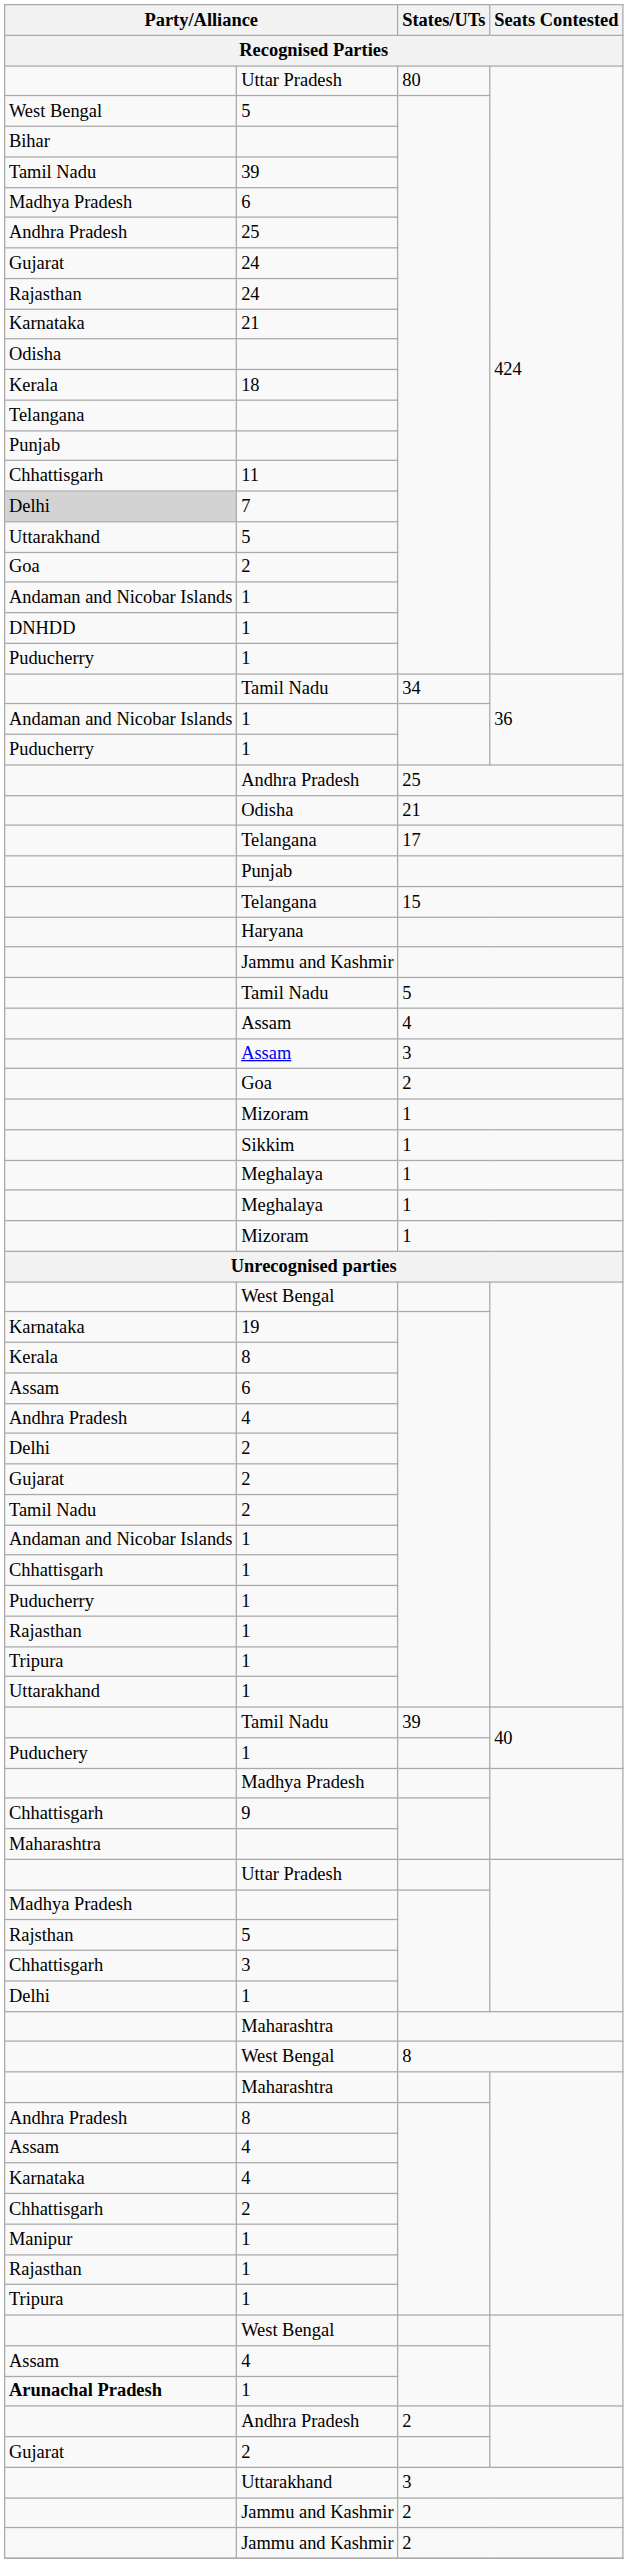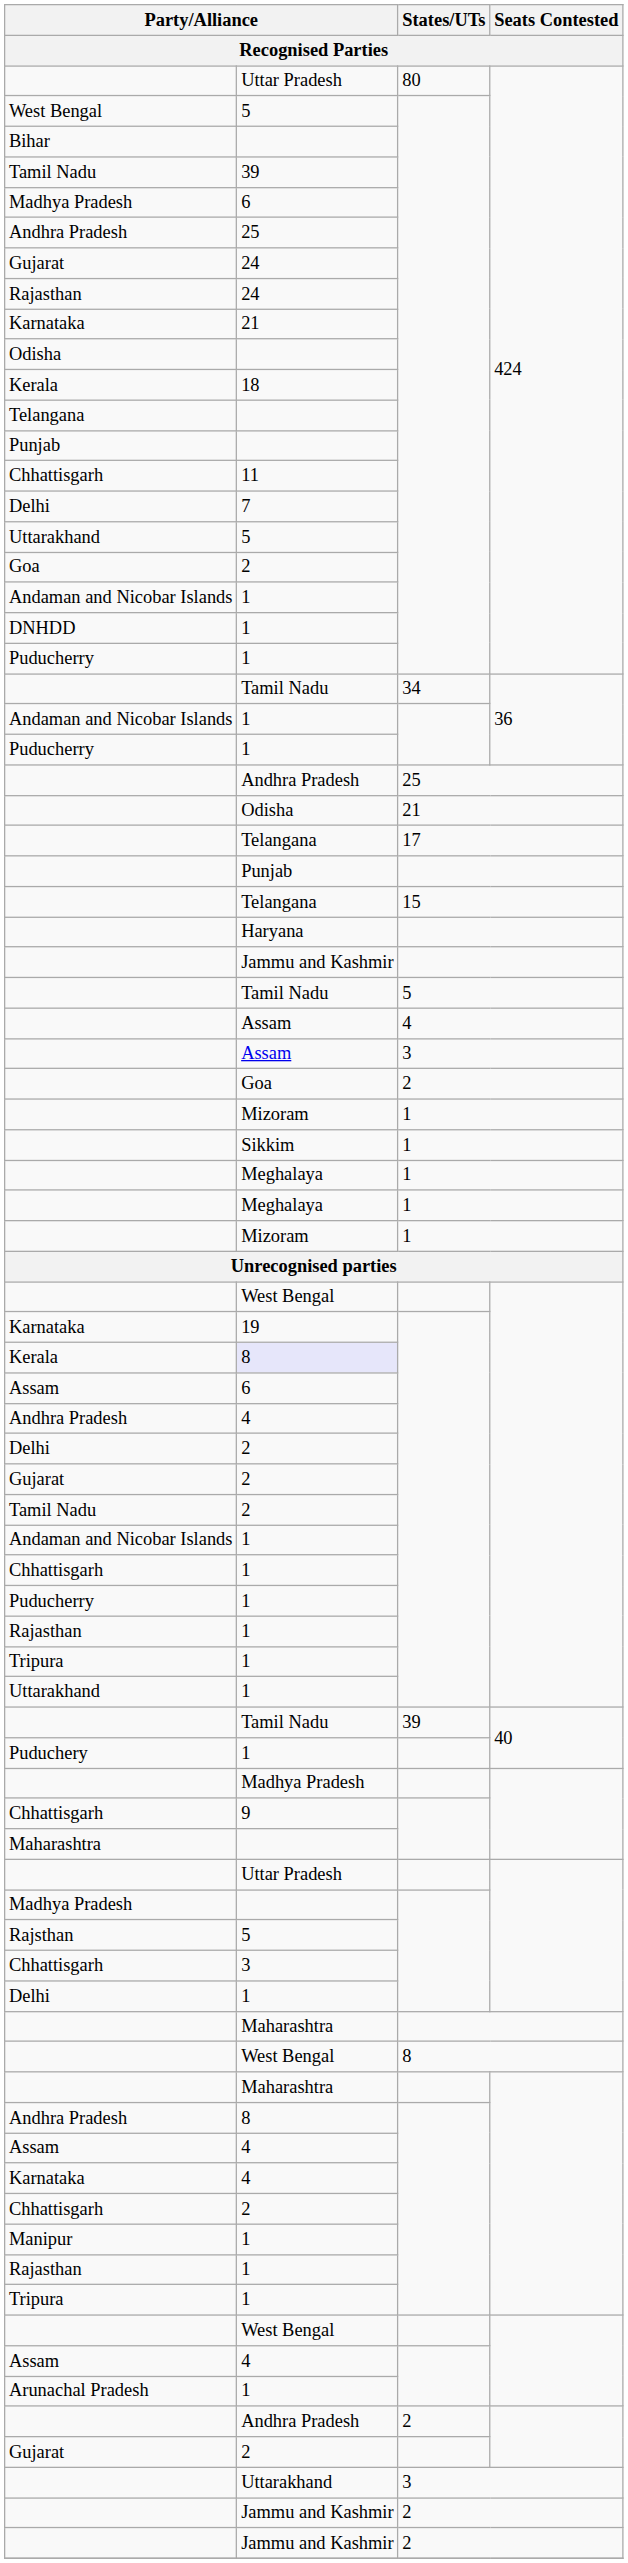 <table class="wikitable sortable sticky-header defaultcenter" style="font-size: 90%">
 <tr>
 <th colspan="2">Party/Alliance</th>
 <th>States/UTs</th>
 <th colspan="2">Seats Contested</th>
 </tr>
 <tr>
 <th colspan=5>Recognised Parties</th>
 </tr>
 <tr>
 <td></td>
 <td>Uttar Pradesh</td>
 <td>80</td>
 <td rowspan="20">424</td>
 </tr>
 <tr>
 <td>West Bengal</td>
 <td>5</td>
 </tr>
 <tr>
 <td>Bihar</td>
 <td></td>
 </tr>
 <tr>
 <td>Tamil Nadu</td>
 <td>39</td>
 </tr>
 <tr>
 <td>Madhya Pradesh</td>
 <td>6</td>
 </tr>
 <tr>
 <td>Andhra Pradesh</td>
 <td>25</td>
 </tr>
 <tr>
 <td>Gujarat</td>
 <td>24</td>
 </tr>
 <tr>
 <td>Rajasthan</td>
 <td>24</td>
 </tr>
 <tr>
 <td>Karnataka</td>
 <td>21</td>
 </tr>
 <tr>
 <td>Odisha</td>
 <td></td>
 </tr>
 <tr>
 <td>Kerala</td>
 <td>18</td>
 </tr>
 <tr>
 <td>Telangana</td>
 <td></td>
 </tr>
 <tr>
 <td>Punjab</td>
 <td></td>
 </tr>
 <tr>
 <td>Chhattisgarh</td>
 <td>11</td>
 </tr>
 <tr>
-<td style="background: lightgrey;">Delhi</td>
+<td>Delhi</td>
 <td>7</td>
 </tr>
 <tr>
 <td>Uttarakhand</td>
 <td>5</td>
 </tr>
 <tr>
 <td>Goa</td>
 <td>2</td>
 </tr>
 <tr>
 <td>Andaman and Nicobar Islands</td>
 <td>1</td>
 </tr>
 <tr>
 <td>DNHDD</td>
 <td>1</td>
 </tr>
 <tr>
 <td>Puducherry</td>
 <td>1</td>
 </tr>
 <tr>
 <td></td>
 <td>Tamil Nadu</td>
 <td>34</td>
 <td rowspan=3>36</td>
 </tr>
 <tr>
 <td>Andaman and Nicobar Islands</td>
 <td>1</td>
 </tr>
 <tr>
 <td>Puducherry</td>
 <td>1</td>
 </tr>
 <tr>
 <td></td>
 <td>Andhra Pradesh</td>
 <td colspan="2">25</td>
 </tr>
 <tr>
 <td></td>
 <td>Odisha</td>
 <td colspan="2">21</td>
 </tr>
 <tr>
 <td></td>
 <td>Telangana</td>
 <td colspan="2">17</td>
 </tr>
 <tr>
 <td></td>
 <td>Punjab</td>
 <td colspan="2"></td>
 </tr>
 <tr>
 <td></td>
 <td>Telangana</td>
 <td colspan="2">15</td>
 </tr>
 <tr>
 <td></td>
 <td>Haryana</td>
 <td colspan="2"></td>
 </tr>
 <tr>
 <td></td>
 <td>Jammu and Kashmir</td>
 <td colspan="2"></td>
 </tr>
 <tr>
 <td></td>
 <td>Tamil Nadu</td>
 <td colspan="2">5</td>
 </tr>
 <tr>
 <td></td>
 <td>Assam</td>
 <td colspan="2">4</td>
 </tr>
 <tr>
 <td></td>
 <td><a href='#'>Assam</a></td>
 <td colspan="2">3</td>
 </tr>
 <tr>
 <td></td>
 <td>Goa</td>
 <td colspan="2">2</td>
 </tr>
 <tr>
 <td></td>
 <td>Mizoram</td>
 <td colspan="2">1</td>
 </tr>
 <tr>
 <td></td>
 <td>Sikkim</td>
 <td colspan="2">1</td>
 </tr>
 <tr>
 <td></td>
 <td>Meghalaya</td>
 <td colspan="2">1</td>
 </tr>
 <tr>
 <td></td>
 <td>Meghalaya</td>
 <td colspan="2">1</td>
 </tr>
 <tr>
 <td></td>
 <td>Mizoram</td>
 <td colspan=2>1</td>
 </tr>
 <tr>
 <th colspan=5>Unrecognised parties</th>
 </tr>
 <tr>
 <td></td>
 <td>West Bengal</td>
 <td></td>
 <td rowspan="14"></td>
 </tr>
 <tr>
 <td>Karnataka</td>
 <td>19</td>
 </tr>
 <tr>
 <td>Kerala</td>
-<td>8</td>
+<td style="background: lavender;">8</td>
 </tr>
 <tr>
 <td>Assam</td>
 <td>6</td>
 </tr>
 <tr>
 <td>Andhra Pradesh</td>
 <td>4</td>
 </tr>
 <tr>
 <td>Delhi</td>
 <td>2</td>
 </tr>
 <tr>
 <td>Gujarat</td>
 <td>2</td>
 </tr>
 <tr>
 <td>Tamil Nadu</td>
 <td>2</td>
 </tr>
 <tr>
 <td>Andaman and Nicobar Islands</td>
 <td>1</td>
 </tr>
 <tr>
 <td>Chhattisgarh</td>
 <td>1</td>
 </tr>
 <tr>
 <td>Puducherry</td>
 <td>1</td>
 </tr>
 <tr>
 <td>Rajasthan</td>
 <td>1</td>
 </tr>
 <tr>
 <td>Tripura</td>
 <td>1</td>
 </tr>
 <tr>
 <td>Uttarakhand</td>
 <td>1</td>
 </tr>
 <tr>
 <td></td>
 <td>Tamil Nadu</td>
 <td>39</td>
 <td rowspan="2">40</td>
 </tr>
 <tr>
 <td>Puduchery</td>
 <td>1</td>
 </tr>
 <tr>
 <td></td>
 <td>Madhya Pradesh</td>
 <td></td>
 <td rowspan="3"></td>
 </tr>
 <tr>
 <td>Chhattisgarh</td>
 <td>9</td>
 </tr>
 <tr>
 <td>Maharashtra</td>
 <td></td>
 </tr>
 <tr>
 <td></td>
 <td>Uttar Pradesh</td>
 <td></td>
 <td rowspan="5"></td>
 </tr>
 <tr>
 <td>Madhya Pradesh</td>
 <td></td>
 </tr>
 <tr>
 <td>Rajsthan</td>
 <td>5</td>
 </tr>
 <tr>
 <td>Chhattisgarh</td>
 <td>3</td>
 </tr>
 <tr>
 <td>Delhi</td>
 <td>1</td>
 </tr>
 <tr>
 <td></td>
 <td>Maharashtra</td>
 <td colspan="2"></td>
 </tr>
 <tr>
 <td></td>
 <td>West Bengal</td>
 <td colspan="2">8</td>
 </tr>
 <tr>
 <td></td>
 <td>Maharashtra</td>
 <td></td>
 <td rowspan="8"></td>
 </tr>
 <tr>
 <td>Andhra Pradesh</td>
 <td>8</td>
 </tr>
 <tr>
 <td>Assam</td>
 <td>4</td>
 </tr>
 <tr>
 <td>Karnataka</td>
 <td>4</td>
 </tr>
 <tr>
 <td>Chhattisgarh</td>
 <td>2</td>
 </tr>
 <tr>
 <td>Manipur</td>
 <td>1</td>
 </tr>
 <tr>
 <td>Rajasthan</td>
 <td>1</td>
 </tr>
 <tr>
 <td>Tripura</td>
 <td>1</td>
 </tr>
 <tr>
 <td></td>
 <td>West Bengal</td>
 <td></td>
 <td rowspan="3"></td>
 </tr>
 <tr>
 <td>Assam</td>
 <td>4</td>
 </tr>
 <tr>
-<td><strong>Arunachal Pradesh</strong></td>
+<td>Arunachal Pradesh</td>
 <td>1</td>
 </tr>
 <tr>
 <td></td>
 <td>Andhra Pradesh</td>
 <td>2</td>
 <td rowspan="2"></td>
 </tr>
 <tr>
 <td>Gujarat</td>
 <td>2</td>
 </tr>
 <tr>
 <td></td>
 <td>Uttarakhand</td>
 <td colspan="2">3</td>
 </tr>
 <tr>
 <td></td>
 <td>Jammu and Kashmir</td>
 <td colspan="2">2</td>
 </tr>
 <tr>
 <td></td>
 <td>Jammu and Kashmir</td>
 <td colspan="2">2</td>
 </tr>
 <tr>
 </tr>
 </table>
